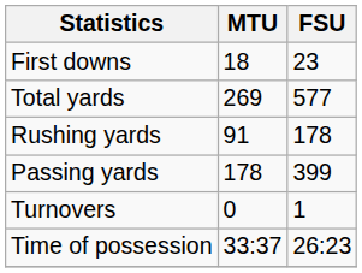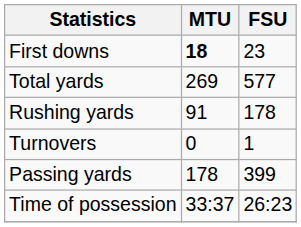 <table class="wikitable">
 <tr>
 <th>Statistics</th>
 <th>MTU</th>
 <th>FSU</th>
 </tr>
 <tr>
 <td>First downs</td>
-<td>18</td>
+<td><strong>18</strong></td>
 <td>23</td>
 </tr>
 <tr>
 <td>Total yards</td>
 <td>269</td>
 <td>577</td>
 </tr>
 <tr>
 <td>Rushing yards</td>
 <td>91</td>
 <td>178</td>
 </tr>
 <tr>
+<td>Turnovers</td>
+<td>0</td>
+<td>1</td>
+</tr>
+<tr>
 <td>Passing yards</td>
 <td>178</td>
 <td>399</td>
-</tr>
-<tr>
-<td>Turnovers</td>
-<td>0</td>
-<td>1</td>
 </tr>
 <tr>
 <td>Time of possession</td>
 <td>33:37</td>
 <td>26:23</td>
 </tr>
 <tr>
 </tr>
 </table>
